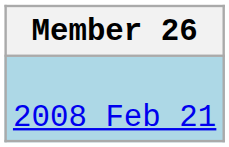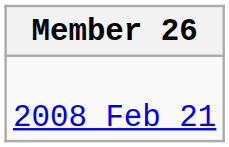 <table class=wikitable align=right>
 <tr>
 <th>Member 26</th>
 </tr>
 <tr>
-<td style="background: lightblue;"><br><a href='#'>2008 Feb 21</a></td>
+<td><br><a href='#'>2008 Feb 21</a></td>
 </tr>
 </table>
